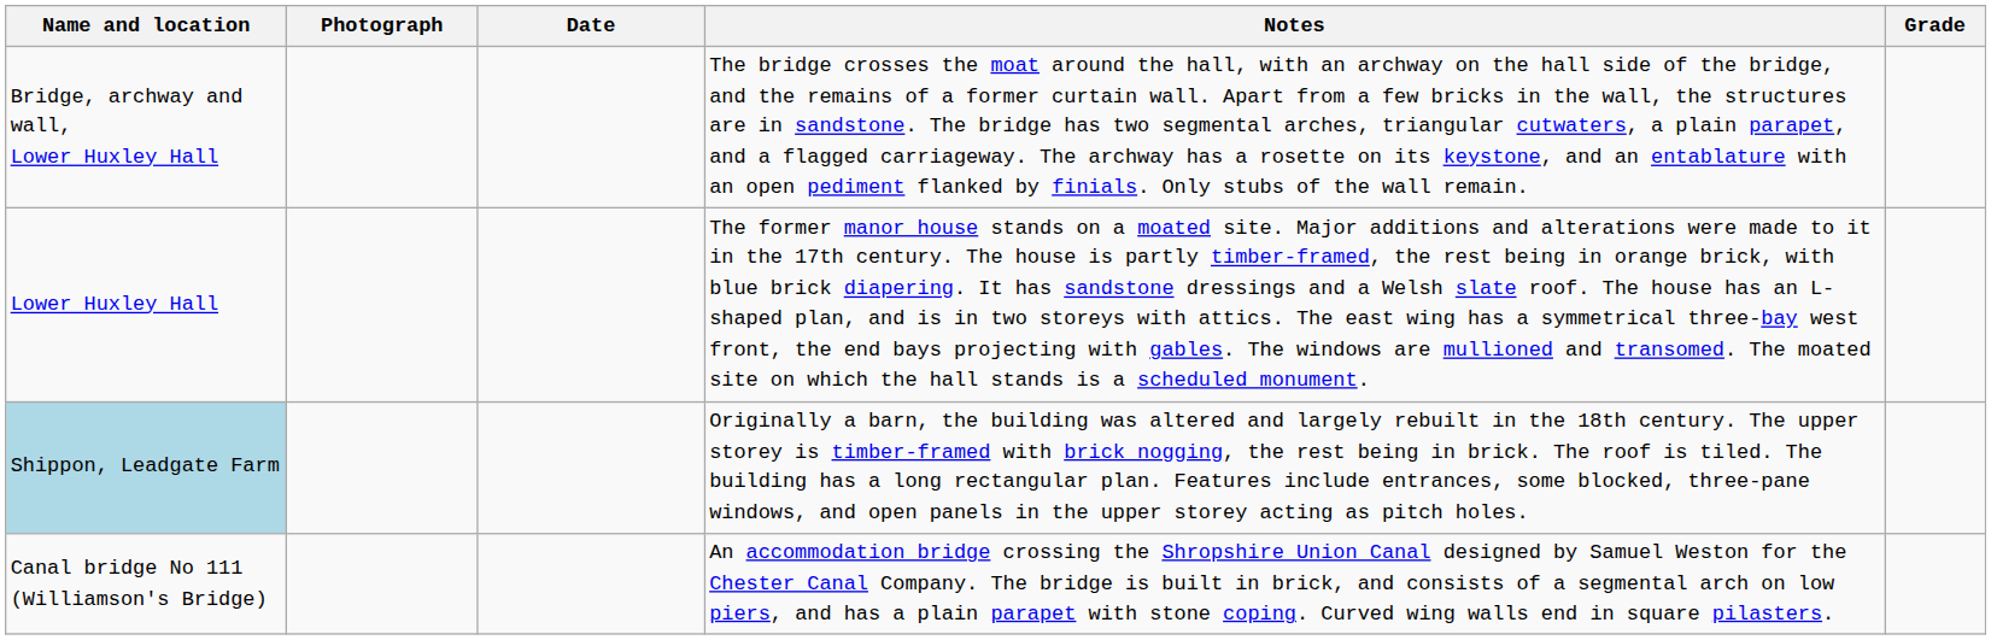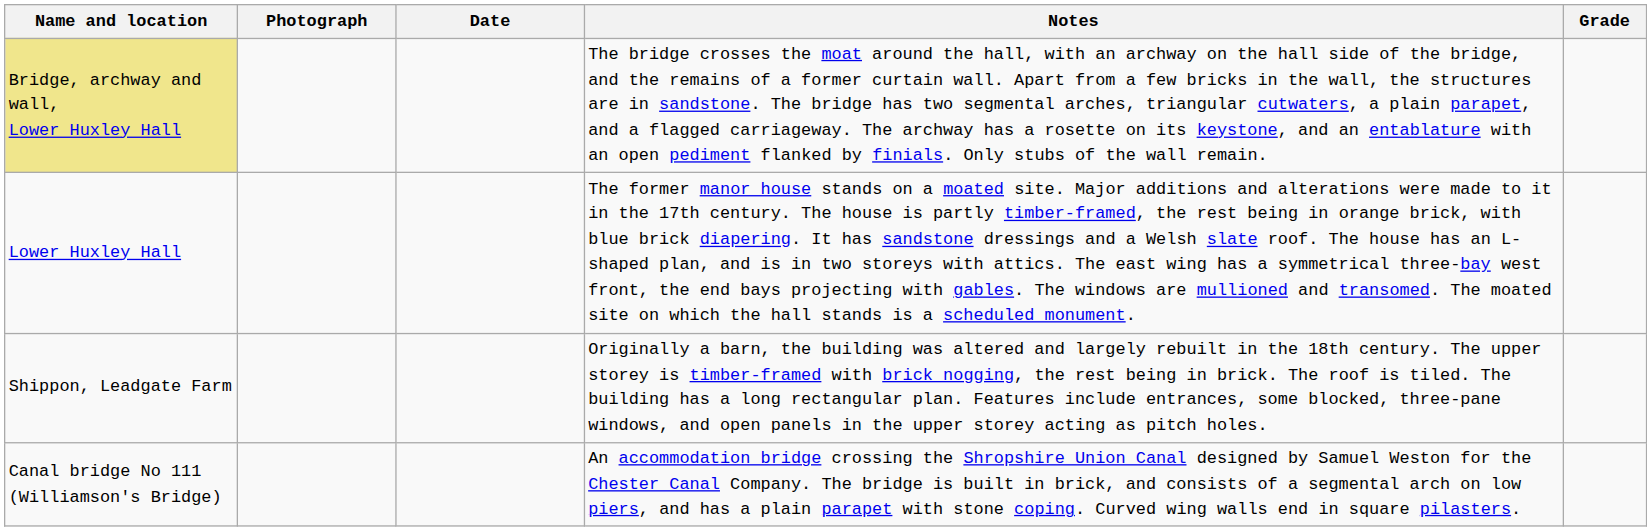 <table class="wikitable sortable plainrowheaders" style="width:100%;border:0px;text-align:left;line-height:150%;">
 <tr>
 <th scope="col" style="width:150px">Name and location</th>
 <th scope="col" style="width:100px" class="unsortable">Photograph</th>
 <th scope="col" style="width:120px">Date</th>
 <th scope="col" style="width:650px" class="unsortable">Notes</th>
 <th scope="col" style="width:50px">Grade</th>
 </tr>
 <tr>
-<td>Bridge, archway and wall,<br><a href='#'>Lower Huxley Hall</a><br><small></small></td>
+<td style="background: khaki;">Bridge, archway and wall,<br><a href='#'>Lower Huxley Hall</a><br><small></small></td>
 <td></td>
 <td align="center"></td>
 <td>The bridge crosses the <a href='#'>moat</a> around the hall, with an archway on the hall side of the bridge, and the remains of a former curtain wall. Apart from a few bricks in the wall, the structures are in <a href='#'>sandstone</a>. The bridge has two segmental arches, triangular <a href='#'>cutwaters</a>, a plain <a href='#'>parapet</a>, and a flagged carriageway. The archway has a rosette on its <a href='#'>keystone</a>, and an <a href='#'>entablature</a> with an open <a href='#'>pediment</a> flanked by <a href='#'>finials</a>. Only stubs of the wall remain.</td>
 <td align="center" ></td>
 </tr>
 <tr>
 <td><a href='#'>Lower Huxley Hall</a><br><small></small></td>
 <td></td>
 <td align="center"></td>
 <td>The former <a href='#'>manor house</a> stands on a <a href='#'>moated</a> site. Major additions and alterations were made to it in the 17th century. The house is partly <a href='#'>timber-framed</a>, the rest being in orange brick, with blue brick <a href='#'>diapering</a>. It has <a href='#'>sandstone</a> dressings and a Welsh <a href='#'>slate</a> roof. The house has an L-shaped plan, and is in two storeys with attics. The east wing has a symmetrical three-<a href='#'>bay</a> west front, the end bays projecting with <a href='#'>gables</a>. The windows are <a href='#'>mullioned</a> and <a href='#'>transomed</a>. The moated site on which the hall stands is a <a href='#'>scheduled monument</a>.</td>
 <td align="center" ></td>
 </tr>
 <tr>
-<td style="background: lightblue;">Shippon, Leadgate Farm<br><small></small></td>
+<td>Shippon, Leadgate Farm<br><small></small></td>
 <td></td>
 <td align="center"></td>
 <td>Originally a barn, the building was altered and largely rebuilt in the 18th century. The upper storey is <a href='#'>timber-framed</a> with <a href='#'>brick nogging</a>, the rest being in brick. The roof is tiled. The building has a long rectangular plan. Features include entrances, some blocked, three-pane windows, and open panels in the upper storey acting as pitch holes.</td>
 <td align="center" ></td>
 </tr>
 <tr>
 <td>Canal bridge No 111<br>(Williamson's Bridge)<br><small></small></td>
 <td></td>
 <td align="center"></td>
 <td>An <a href='#'>accommodation bridge</a> crossing the <a href='#'>Shropshire Union Canal</a> designed by Samuel Weston for the <a href='#'>Chester Canal</a> Company. The bridge is built in brick, and consists of a segmental arch on low <a href='#'>piers</a>, and has a plain <a href='#'>parapet</a> with stone <a href='#'>coping</a>. Curved wing walls end in square <a href='#'>pilasters</a>.</td>
 <td align="center" ></td>
 </tr>
 <tr>
 </tr>
 </table>
